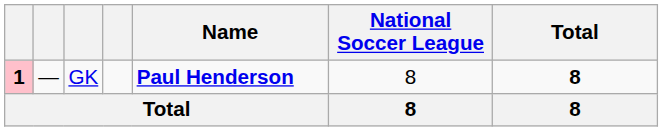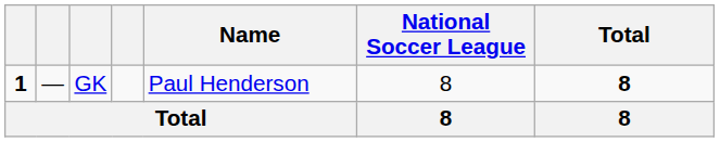 <table class="wikitable" style="text-align:center">
 <tr>
 <th width=15></th>
 <th width=15></th>
 <th width=15></th>
 <th width=15></th>
 <th width=145>Name</th>
 <th width=120><a href='#'>National Soccer League</a></th>
 <th width=120>Total</th>
 </tr>
 <tr>
-<td style="background: pink;"><strong>1</strong></td>
+<td><strong>1</strong></td>
 <td>—</td>
 <td><a href='#'>GK</a></td>
 <td></td>
-<td align=left><strong><a href='#'>Paul Henderson</a></strong></td>
+<td align=left><a href='#'>Paul Henderson</a></td>
 <td>8</td>
 <td><strong>8</strong></td>
 </tr>
 <tr>
 <th colspan="5"><strong>Total</strong></th>
 <th>8</th>
 <th>8</th>
 </tr>
 </table>
